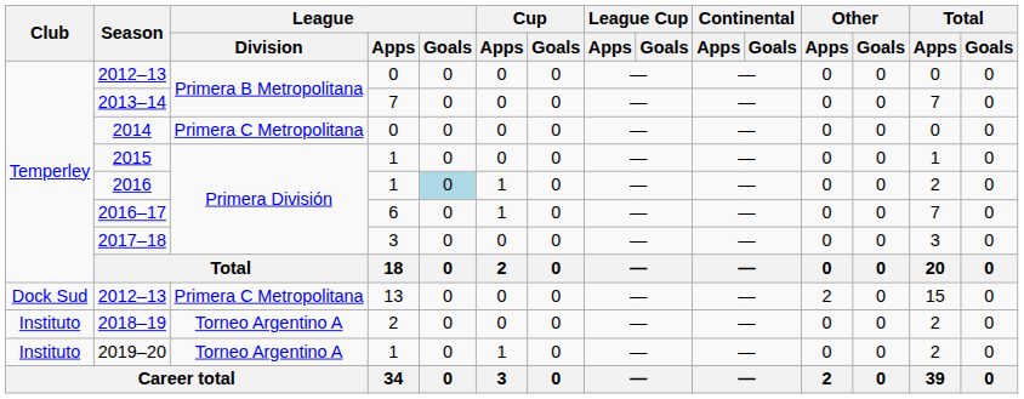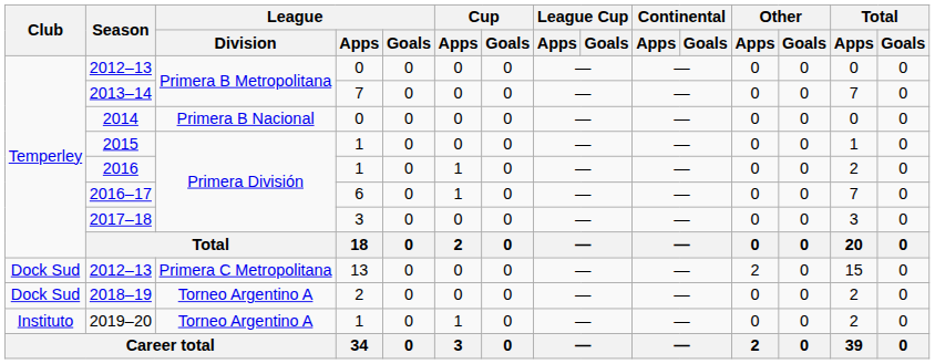 <table class="wikitable" style="text-align:center">
 <tr>
 <th rowspan="2">Club</th>
 <th rowspan="2">Season</th>
 <th colspan="3">League</th>
 <th colspan="2">Cup</th>
 <th colspan="2">League Cup</th>
 <th colspan="2">Continental</th>
 <th colspan="2">Other</th>
 <th colspan="2">Total</th>
 </tr>
 <tr>
 <th>Division</th>
 <th>Apps</th>
 <th>Goals</th>
 <th>Apps</th>
 <th>Goals</th>
 <th>Apps</th>
 <th>Goals</th>
 <th>Apps</th>
 <th>Goals</th>
 <th>Apps</th>
 <th>Goals</th>
 <th>Apps</th>
 <th>Goals</th>
 </tr>
 <tr>
 <td rowspan="8"><a href='#'>Temperley</a></td>
 <td><a href='#'>2012–13</a></td>
 <td rowspan="2"><a href='#'>Primera B Metropolitana</a></td>
 <td>0</td>
 <td>0</td>
 <td>0</td>
 <td>0</td>
 <td colspan="2">—</td>
 <td colspan="2">—</td>
 <td>0</td>
 <td>0</td>
 <td>0</td>
 <td>0</td>
 </tr>
 <tr>
 <td><a href='#'>2013–14</a></td>
 <td>7</td>
 <td>0</td>
 <td>0</td>
 <td>0</td>
 <td colspan="2">—</td>
 <td colspan="2">—</td>
 <td>0</td>
 <td>0</td>
 <td>7</td>
 <td>0</td>
 </tr>
 <tr>
 <td><a href='#'>2014</a></td>
-<td rowspan="1"><a href='#'>Primera C Metropolitana</a></td>
+<td rowspan="1"><a href='#'>Primera B Nacional</a></td>
 <td>0</td>
 <td>0</td>
 <td>0</td>
 <td>0</td>
 <td colspan="2">—</td>
 <td colspan="2">—</td>
 <td>0</td>
 <td>0</td>
 <td>0</td>
 <td>0</td>
 </tr>
 <tr>
 <td><a href='#'>2015</a></td>
 <td rowspan="4"><a href='#'>Primera División</a></td>
 <td>1</td>
 <td>0</td>
 <td>0</td>
 <td>0</td>
 <td colspan="2">—</td>
 <td colspan="2">—</td>
 <td>0</td>
 <td>0</td>
 <td>1</td>
 <td>0</td>
 </tr>
 <tr>
 <td><a href='#'>2016</a></td>
 <td>1</td>
-<td style="background: lightblue;">0</td>
+<td>0</td>
 <td>1</td>
 <td>0</td>
 <td colspan="2">—</td>
 <td colspan="2">—</td>
 <td>0</td>
 <td>0</td>
 <td>2</td>
 <td>0</td>
 </tr>
 <tr>
 <td><a href='#'>2016–17</a></td>
 <td>6</td>
 <td>0</td>
 <td>1</td>
 <td>0</td>
 <td colspan="2">—</td>
 <td colspan="2">—</td>
 <td>0</td>
 <td>0</td>
 <td>7</td>
 <td>0</td>
 </tr>
 <tr>
 <td><a href='#'>2017–18</a></td>
 <td>3</td>
 <td>0</td>
 <td>0</td>
 <td>0</td>
 <td colspan="2">—</td>
 <td colspan="2">—</td>
 <td>0</td>
 <td>0</td>
 <td>3</td>
 <td>0</td>
 </tr>
 <tr>
 <th colspan="2">Total</th>
 <th>18</th>
 <th>0</th>
 <th>2</th>
 <th>0</th>
 <th colspan="2">—</th>
 <th colspan="2">—</th>
 <th>0</th>
 <th>0</th>
 <th>20</th>
 <th>0</th>
 </tr>
 <tr>
 <td rowspan="1"><a href='#'>Dock Sud</a></td>
 <td><a href='#'>2012–13</a></td>
 <td rowspan="1"><a href='#'>Primera C Metropolitana</a></td>
 <td>13</td>
 <td>0</td>
 <td>0</td>
 <td>0</td>
 <td colspan="2">—</td>
 <td colspan="2">—</td>
 <td>2</td>
 <td>0</td>
 <td>15</td>
 <td>0</td>
 </tr>
 <tr>
-<td rowspan="1"><a href='#'>Instituto</a></td>
+<td rowspan="1"><a href='#'>Dock Sud</a></td>
 <td><a href='#'>2018–19</a></td>
 <td rowspan="1"><a href='#'>Torneo Argentino A</a></td>
 <td>2</td>
 <td>0</td>
 <td>0</td>
 <td>0</td>
 <td colspan="2">—</td>
 <td colspan="2">—</td>
 <td>0</td>
 <td>0</td>
 <td>2</td>
 <td>0</td>
 </tr>
 <tr>
 <td rowspan="1"><a href='#'>Instituto</a></td>
 <td>2019–20</td>
 <td rowspan="1"><a href='#'>Torneo Argentino A</a></td>
 <td>1</td>
 <td>0</td>
 <td>1</td>
 <td>0</td>
 <td colspan="2">—</td>
 <td colspan="2">—</td>
 <td>0</td>
 <td>0</td>
 <td>2</td>
 <td>0</td>
 </tr>
 <tr>
 <th colspan="3">Career total</th>
 <th>34</th>
 <th>0</th>
 <th>3</th>
 <th>0</th>
 <th colspan="2">—</th>
 <th colspan="2">—</th>
 <th>2</th>
 <th>0</th>
 <th>39</th>
 <th>0</th>
 </tr>
 </table>
